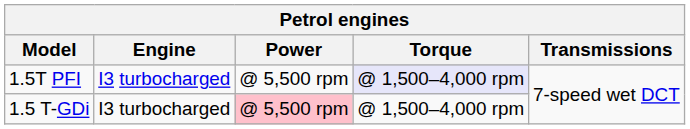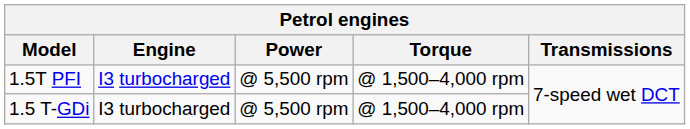 <table class="wikitable" style="text-align:left; font-size:90%;">
 <tr>
 <th colspan="5" style="text-align:center">Petrol engines</th>
 </tr>
 <tr>
 <th>Model</th>
 <th>Engine</th>
 <th>Power</th>
 <th>Torque</th>
 <th>Transmissions</th>
 </tr>
 <tr>
 <td>1.5T <a href='#'>PFI</a></td>
 <td> <a href='#'>I3</a> <a href='#'>turbocharged</a></td>
 <td> @ 5,500 rpm</td>
-<td style="background: lavender;"> @ 1,500–4,000 rpm</td>
+<td> @ 1,500–4,000 rpm</td>
 <td rowspan="2">7-speed wet <a href='#'>DCT</a></td>
 </tr>
 <tr>
 <td>1.5 T-<a href='#'>GDi</a></td>
 <td> I3 turbocharged</td>
-<td style="background: pink;"> @ 5,500 rpm</td>
+<td> @ 5,500 rpm</td>
 <td> @ 1,500–4,000 rpm</td>
 </tr>
 </table>
